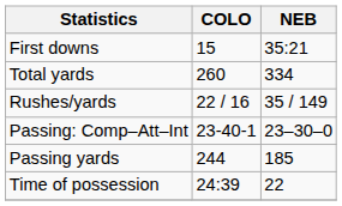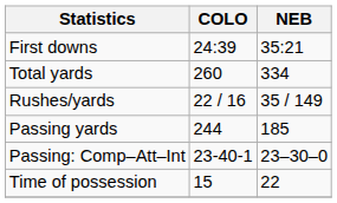 <table class="wikitable" style="float: left;">
 <tr>
 <th>Statistics</th>
 <th>COLO</th>
 <th>NEB</th>
 </tr>
 <tr>
 <td>First downs</td>
-<td>15</td>
+<td>24:39</td>
 <td>35:21</td>
 </tr>
 <tr>
 <td>Total yards</td>
 <td>260</td>
 <td>334</td>
 </tr>
 <tr>
 <td>Rushes/yards</td>
 <td>22 / 16</td>
 <td>35 / 149</td>
 </tr>
 <tr>
+<td>Passing yards</td>
+<td>244</td>
+<td>185</td>
+</tr>
+<tr>
 <td>Passing: Comp–Att–Int</td>
 <td>23-40-1</td>
 <td>23–30–0</td>
 </tr>
 <tr>
-<td>Passing yards</td>
-<td>244</td>
-<td>185</td>
-</tr>
-<tr>
 <td>Time of possession</td>
-<td>24:39</td>
+<td>15</td>
 <td>22</td>
 </tr>
 <tr>
 </tr>
 </table>
